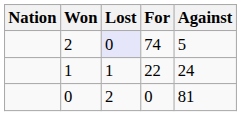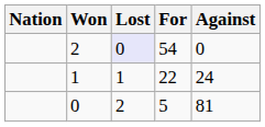 <table class="wikitable" border="1">
 <tr>
 <th>Nation</th>
 <th>Won</th>
 <th>Lost</th>
 <th>For</th>
 <th>Against</th>
 </tr>
 <tr>
 <td></td>
 <td>2</td>
 <td style="background: lavender;">0</td>
-<td>74</td>
-<td>5</td>
+<td>54</td>
+<td>0</td>
 </tr>
 <tr>
 <td></td>
 <td>1</td>
 <td>1</td>
 <td>22</td>
 <td>24</td>
 </tr>
 <tr>
 <td></td>
 <td>0</td>
 <td>2</td>
-<td>0</td>
+<td>5</td>
 <td>81</td>
 </tr>
 </table>
